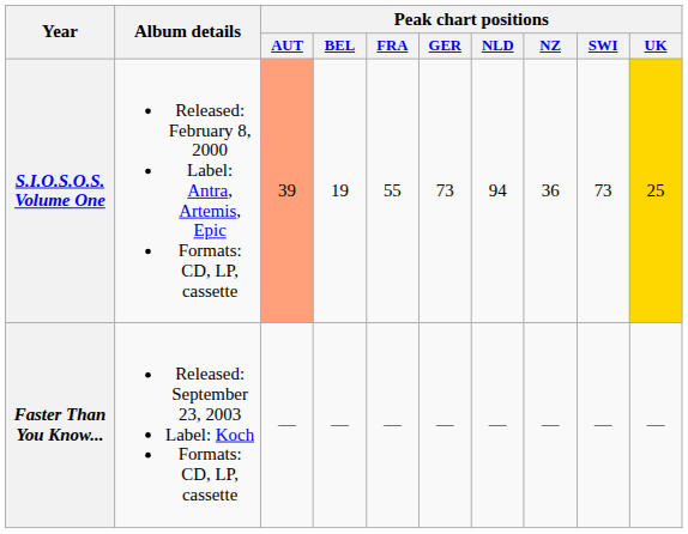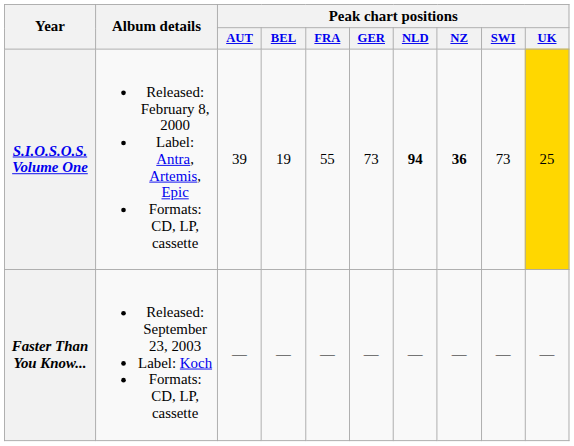 <table class="wikitable plainrowheaders" style="text-align:center;">
 <tr>
 <th scope="col" rowspan="2">Year</th>
 <th scope="col" rowspan="2">Album details</th>
 <th scope="col" colspan="8">Peak chart positions</th>
 </tr>
 <tr>
 <th scope="col" style="width:3em;font-size:85%;"><a href='#'>AUT</a><br></th>
 <th scope="col" style="width:3em;font-size:85%;"><a href='#'>BEL</a><br></th>
 <th scope="col" style="width:3em;font-size:85%;"><a href='#'>FRA</a><br></th>
 <th scope="col" style="width:3em;font-size:85%;"><a href='#'>GER</a><br></th>
 <th scope="col" style="width:3em;font-size:85%;"><a href='#'>NLD</a><br></th>
 <th scope="col" style="width:3em;font-size:85%;"><a href='#'>NZ</a><br></th>
 <th scope="col" style="width:3em;font-size:85%;"><a href='#'>SWI</a><br></th>
 <th scope="col" style="width:3em;font-size:85%;"><a href='#'>UK</a><br></th>
 </tr>
 <tr>
 <th scope="row"><em><a href='#'>S.I.O.S.O.S. Volume One</a></em></th>
 <td><br><ul><li>Released: February 8, 2000</li><li>Label: <a href='#'>Antra</a>, <a href='#'>Artemis</a>, <a href='#'>Epic</a></li><li>Formats: CD, LP, cassette</li></ul></td>
-<td style="background: lightsalmon;">39</td>
+<td>39</td>
 <td>19</td>
 <td>55</td>
 <td>73</td>
-<td>94</td>
-<td>36</td>
+<td><strong>94</strong></td>
+<td><strong>36</strong></td>
 <td>73</td>
 <td style="background: gold;">25</td>
 </tr>
 <tr>
 <th scope="row"><em>Faster Than You Know...</em></th>
 <td><br><ul><li>Released: September 23, 2003</li><li>Label: <a href='#'>Koch</a></li><li>Formats: CD, LP, cassette</li></ul></td>
 <td>—</td>
 <td>—</td>
 <td>—</td>
 <td>—</td>
 <td>—</td>
 <td>—</td>
 <td>—</td>
 <td>—</td>
 </tr>
 </table>
